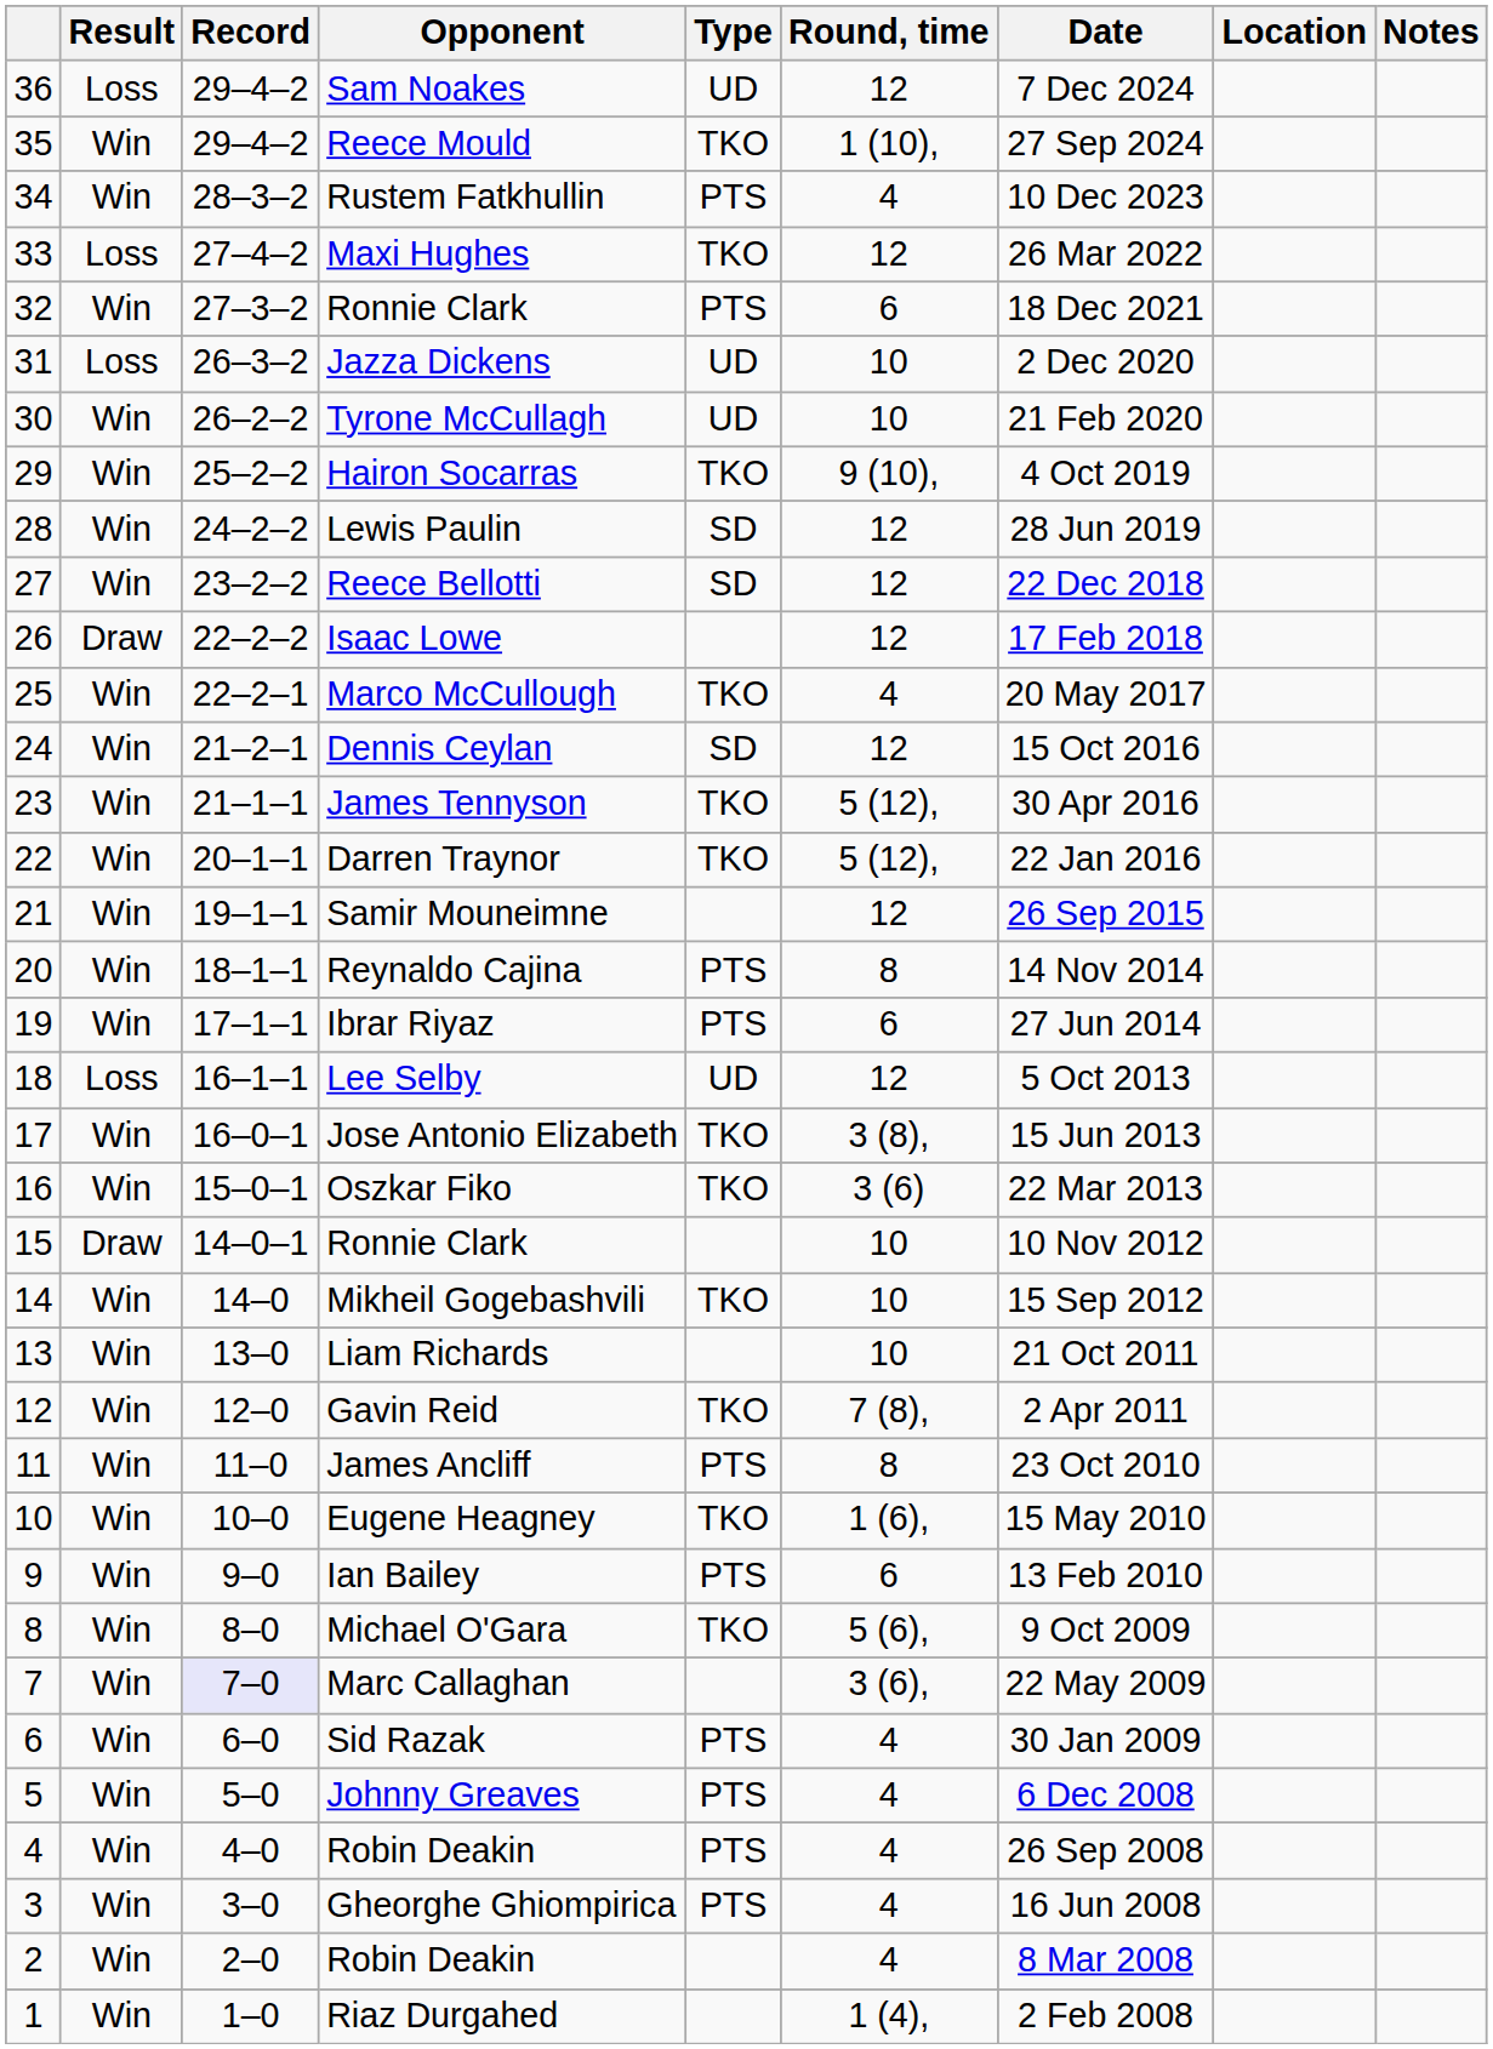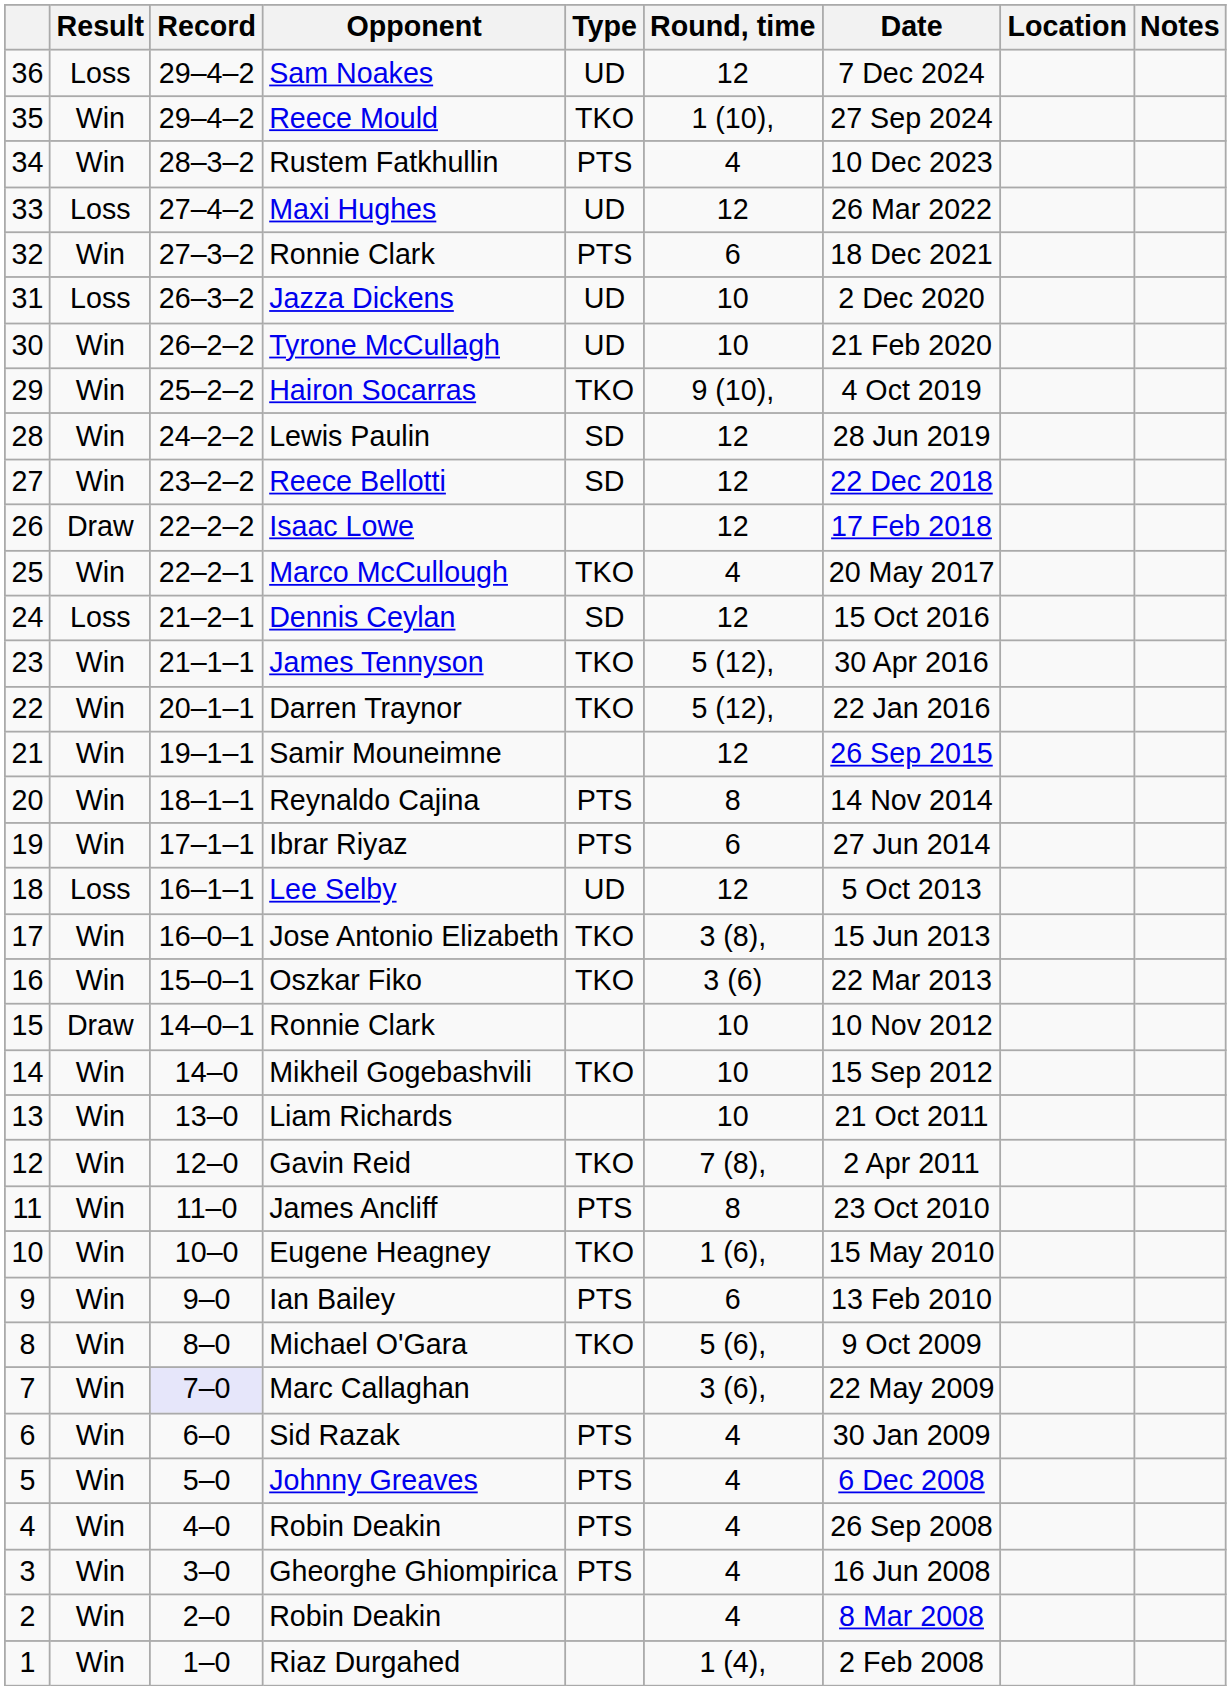 <table class="wikitable" style="text-align:center">
 <tr>
 <th></th>
 <th>Result</th>
 <th>Record</th>
 <th>Opponent</th>
 <th>Type</th>
 <th>Round, time</th>
 <th>Date</th>
 <th>Location</th>
 <th>Notes</th>
 </tr>
 <tr>
 <td>36</td>
 <td>Loss</td>
 <td>29–4–2</td>
 <td align=left><a href='#'>Sam Noakes</a></td>
 <td>UD</td>
 <td>12</td>
 <td>7 Dec 2024</td>
 <td align=left></td>
 <td align=left></td>
 </tr>
 <tr>
 <td>35</td>
 <td>Win</td>
 <td>29–4–2</td>
 <td align=left><a href='#'>Reece Mould</a></td>
 <td>TKO</td>
 <td>1 (10), </td>
 <td>27 Sep 2024</td>
 <td align=left></td>
 <td></td>
 </tr>
 <tr>
 <td>34</td>
 <td>Win</td>
 <td>28–3–2</td>
 <td align=left>Rustem Fatkhullin</td>
 <td>PTS</td>
 <td>4</td>
 <td>10 Dec 2023</td>
 <td align=left></td>
 <td></td>
 </tr>
 <tr>
 <td>33</td>
 <td>Loss</td>
 <td>27–4–2</td>
 <td align=left><a href='#'>Maxi Hughes</a></td>
-<td>TKO</td>
+<td>UD</td>
 <td>12</td>
 <td>26 Mar 2022</td>
 <td align=left></td>
 <td align=left></td>
 </tr>
 <tr>
 <td>32</td>
 <td>Win</td>
 <td>27–3–2</td>
 <td align=left>Ronnie Clark</td>
 <td>PTS</td>
 <td>6</td>
 <td>18 Dec 2021</td>
 <td align=left></td>
 <td></td>
 </tr>
 <tr>
 <td>31</td>
 <td>Loss</td>
 <td>26–3–2</td>
 <td align=left><a href='#'>Jazza Dickens</a></td>
 <td>UD</td>
 <td>10</td>
 <td>2 Dec 2020</td>
 <td align=left></td>
 <td align=left></td>
 </tr>
 <tr>
 <td>30</td>
 <td>Win</td>
 <td>26–2–2</td>
 <td align=left><a href='#'>Tyrone McCullagh</a></td>
 <td>UD</td>
 <td>10</td>
 <td>21 Feb 2020</td>
 <td align=left></td>
 <td align=left></td>
 </tr>
 <tr>
 <td>29</td>
 <td>Win</td>
 <td>25–2–2</td>
 <td align=left><a href='#'>Hairon Socarras</a></td>
 <td>TKO</td>
 <td>9 (10), </td>
 <td>4 Oct 2019</td>
 <td align=left></td>
 <td align=left></td>
 </tr>
 <tr>
 <td>28</td>
 <td>Win</td>
 <td>24–2–2</td>
 <td align=left>Lewis Paulin</td>
 <td>SD</td>
 <td>12</td>
 <td>28 Jun 2019</td>
 <td align=left></td>
 <td align=left></td>
 </tr>
 <tr>
 <td>27</td>
 <td>Win</td>
 <td>23–2–2</td>
 <td style="text-align:left;"><a href='#'>Reece Bellotti</a></td>
 <td>SD</td>
 <td>12</td>
 <td><a href='#'>22 Dec 2018</a></td>
 <td style="text-align:left;"></td>
 <td style="text-align:left;"></td>
 </tr>
 <tr>
 <td>26</td>
 <td>Draw</td>
 <td>22–2–2</td>
 <td style="text-align:left;"><a href='#'>Isaac Lowe</a></td>
 <td></td>
 <td>12</td>
 <td><a href='#'>17 Feb 2018</a></td>
 <td style="text-align:left;"></td>
 <td style="text-align:left;"></td>
 </tr>
 <tr>
 <td>25</td>
 <td>Win</td>
 <td>22–2–1</td>
 <td style="text-align:left;"><a href='#'>Marco McCullough</a></td>
 <td>TKO</td>
 <td>4</td>
 <td>20 May 2017</td>
 <td style="text-align:left;"></td>
 <td style="text-align:left;"></td>
 </tr>
 <tr>
 <td>24</td>
-<td>Win</td>
+<td>Loss</td>
 <td>21–2–1</td>
 <td style="text-align:left;"><a href='#'>Dennis Ceylan</a></td>
 <td>SD</td>
 <td>12</td>
 <td>15 Oct 2016</td>
 <td style="text-align:left;"></td>
 <td style="text-align:left;"></td>
 </tr>
 <tr>
 <td>23</td>
 <td>Win</td>
 <td>21–1–1</td>
 <td style="text-align:left;"><a href='#'>James Tennyson</a></td>
 <td>TKO</td>
 <td>5 (12), </td>
 <td>30 Apr 2016</td>
 <td style="text-align:left;"></td>
 <td style="text-align:left;"></td>
 </tr>
 <tr>
 <td>22</td>
 <td>Win</td>
 <td>20–1–1</td>
 <td style="text-align:left;">Darren Traynor</td>
 <td>TKO</td>
 <td>5 (12), </td>
 <td>22 Jan 2016</td>
 <td style="text-align:left;"></td>
 <td style="text-align:left;"></td>
 </tr>
 <tr>
 <td>21</td>
 <td>Win</td>
 <td>19–1–1</td>
 <td style="text-align:left;">Samir Mouneimne</td>
 <td></td>
 <td>12</td>
 <td><a href='#'>26 Sep 2015</a></td>
 <td style="text-align:left;"></td>
 <td style="text-align:left;"></td>
 </tr>
 <tr>
 <td>20</td>
 <td>Win</td>
 <td>18–1–1</td>
 <td style="text-align:left;">Reynaldo Cajina</td>
 <td>PTS</td>
 <td>8</td>
 <td>14 Nov 2014</td>
 <td style="text-align:left;"></td>
 <td></td>
 </tr>
 <tr>
 <td>19</td>
 <td>Win</td>
 <td>17–1–1</td>
 <td style="text-align:left;">Ibrar Riyaz</td>
 <td>PTS</td>
 <td>6</td>
 <td>27 Jun 2014</td>
 <td style="text-align:left;"></td>
 <td></td>
 </tr>
 <tr>
 <td>18</td>
 <td>Loss</td>
 <td>16–1–1</td>
 <td style="text-align:left;"><a href='#'>Lee Selby</a></td>
 <td>UD</td>
 <td>12</td>
 <td>5 Oct 2013</td>
 <td style="text-align:left;"></td>
 <td style="text-align:left;"></td>
 </tr>
 <tr>
 <td>17</td>
 <td>Win</td>
 <td>16–0–1</td>
 <td style="text-align:left;">Jose Antonio Elizabeth</td>
 <td>TKO</td>
 <td>3 (8), </td>
 <td>15 Jun 2013</td>
 <td style="text-align:left;"></td>
 <td></td>
 </tr>
 <tr>
 <td>16</td>
 <td>Win</td>
 <td>15–0–1</td>
 <td style="text-align:left;">Oszkar Fiko</td>
 <td>TKO</td>
 <td>3 (6)</td>
 <td>22 Mar 2013</td>
 <td style="text-align:left;"></td>
 <td></td>
 </tr>
 <tr>
 <td>15</td>
 <td>Draw</td>
 <td>14–0–1</td>
 <td style="text-align:left;">Ronnie Clark</td>
 <td></td>
 <td>10</td>
 <td>10 Nov 2012</td>
 <td style="text-align:left;"></td>
 <td></td>
 </tr>
 <tr>
 <td>14</td>
 <td>Win</td>
 <td>14–0</td>
 <td style="text-align:left;">Mikheil Gogebashvili</td>
 <td>TKO</td>
 <td>10</td>
 <td>15 Sep 2012</td>
 <td style="text-align:left;"></td>
 <td></td>
 </tr>
 <tr>
 <td>13</td>
 <td>Win</td>
 <td>13–0</td>
 <td style="text-align:left;">Liam Richards</td>
 <td></td>
 <td>10</td>
 <td>21 Oct 2011</td>
 <td style="text-align:left;"></td>
 <td style="text-align:left;"></td>
 </tr>
 <tr>
 <td>12</td>
 <td>Win</td>
 <td>12–0</td>
 <td style="text-align:left;">Gavin Reid</td>
 <td>TKO</td>
 <td>7 (8), </td>
 <td>2 Apr 2011</td>
 <td style="text-align:left;"></td>
 <td></td>
 </tr>
 <tr>
 <td>11</td>
 <td>Win</td>
 <td>11–0</td>
 <td style="text-align:left;">James Ancliff</td>
 <td>PTS</td>
 <td>8</td>
 <td>23 Oct 2010</td>
 <td style="text-align:left;"></td>
 <td></td>
 </tr>
 <tr>
 <td>10</td>
 <td>Win</td>
 <td>10–0</td>
 <td style="text-align:left;">Eugene Heagney</td>
 <td>TKO</td>
 <td>1 (6), </td>
 <td>15 May 2010</td>
 <td style="text-align:left;"></td>
 <td></td>
 </tr>
 <tr>
 <td>9</td>
 <td>Win</td>
 <td>9–0</td>
 <td style="text-align:left;">Ian Bailey</td>
 <td>PTS</td>
 <td>6</td>
 <td>13 Feb 2010</td>
 <td style="text-align:left;"></td>
 <td></td>
 </tr>
 <tr>
 <td>8</td>
 <td>Win</td>
 <td>8–0</td>
 <td style="text-align:left;">Michael O'Gara</td>
 <td>TKO</td>
 <td>5 (6), </td>
 <td>9 Oct 2009</td>
 <td style="text-align:left;"></td>
 <td></td>
 </tr>
 <tr>
 <td>7</td>
 <td>Win</td>
 <td style="background: lavender;">7–0</td>
 <td style="text-align:left;">Marc Callaghan</td>
 <td></td>
 <td>3 (6), </td>
 <td>22 May 2009</td>
 <td style="text-align:left;"></td>
 <td></td>
 </tr>
 <tr>
 <td>6</td>
 <td>Win</td>
 <td>6–0</td>
 <td style="text-align:left;">Sid Razak</td>
 <td>PTS</td>
 <td>4</td>
 <td>30 Jan 2009</td>
 <td style="text-align:left;"></td>
 <td></td>
 </tr>
 <tr>
 <td>5</td>
 <td>Win</td>
 <td>5–0</td>
 <td style="text-align:left;"><a href='#'>Johnny Greaves</a></td>
 <td>PTS</td>
 <td>4</td>
 <td><a href='#'>6 Dec 2008</a></td>
 <td style="text-align:left;"></td>
 <td></td>
 </tr>
 <tr>
 <td>4</td>
 <td>Win</td>
 <td>4–0</td>
 <td style="text-align:left;">Robin Deakin</td>
 <td>PTS</td>
 <td>4</td>
 <td>26 Sep 2008</td>
 <td style="text-align:left;"></td>
 <td></td>
 </tr>
 <tr>
 <td>3</td>
 <td>Win</td>
 <td>3–0</td>
 <td style="text-align:left;">Gheorghe Ghiompirica</td>
 <td>PTS</td>
 <td>4</td>
 <td>16 Jun 2008</td>
 <td style="text-align:left;"></td>
 <td></td>
 </tr>
 <tr>
 <td>2</td>
 <td>Win</td>
 <td>2–0</td>
 <td style="text-align:left;">Robin Deakin</td>
 <td></td>
 <td>4</td>
 <td><a href='#'>8 Mar 2008</a></td>
 <td style="text-align:left;"></td>
 <td></td>
 </tr>
 <tr>
 <td>1</td>
 <td>Win</td>
 <td>1–0</td>
 <td style="text-align:left;">Riaz Durgahed</td>
 <td></td>
 <td>1 (4), </td>
 <td>2 Feb 2008</td>
 <td style="text-align:left;"></td>
 <td></td>
 </tr>
 </table>
